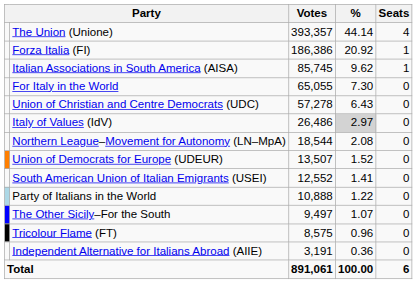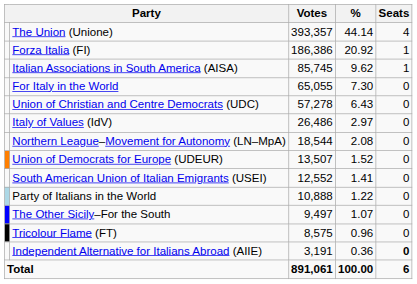 <table class=wikitable style="text-align:right">
 <tr>
 <th colspan=2>Party</th>
 <th>Votes</th>
 <th>%</th>
 <th>Seats</th>
 </tr>
 <tr>
 <td></td>
 <td align="left"><a href='#'>The Union</a> (Unione)</td>
 <td align="right">393,357</td>
 <td align="right">44.14</td>
 <td align="right">4</td>
 </tr>
 <tr>
 <td></td>
 <td align="left"><a href='#'>Forza Italia</a> (FI)</td>
 <td align="right">186,386</td>
 <td align="right">20.92</td>
 <td align="right">1</td>
 </tr>
 <tr>
 <td></td>
 <td align="left"><a href='#'>Italian Associations in South America</a> (AISA)</td>
 <td align="right">85,745</td>
 <td align="right">9.62</td>
 <td align="right">1</td>
 </tr>
 <tr>
 <td></td>
 <td align="left"><a href='#'>For Italy in the World</a></td>
 <td align="right">65,055</td>
 <td align="right">7.30</td>
 <td align="right">0</td>
 </tr>
 <tr>
 <td></td>
 <td align="left"><a href='#'>Union of Christian and Centre Democrats</a> (UDC)</td>
 <td align="right">57,278</td>
 <td align="right">6.43</td>
 <td align="right">0</td>
 </tr>
 <tr>
 <td></td>
 <td align="left"><a href='#'>Italy of Values</a> (IdV)</td>
 <td align="right">26,486</td>
-<td align="right" style="background: lightgrey;">2.97</td>
+<td align="right">2.97</td>
 <td align="right">0</td>
 </tr>
 <tr>
 <td></td>
 <td align="left"><a href='#'>Northern League</a>–<a href='#'>Movement for Autonomy</a> (LN–MpA)</td>
 <td align="right">18,544</td>
 <td align="right">2.08</td>
 <td align="right">0</td>
 </tr>
 <tr>
 <td bgcolor="#FF7F00"></td>
 <td align="left"><a href='#'>Union of Democrats for Europe</a> (UDEUR)</td>
 <td align="right">13,507</td>
 <td align="right">1.52</td>
 <td align="right">0</td>
 </tr>
 <tr>
 <td></td>
 <td align="left"><a href='#'>South American Union of Italian Emigrants</a> (USEI)</td>
 <td align="right">12,552</td>
 <td align="right">1.41</td>
 <td align="right">0</td>
 </tr>
 <tr>
 <td bgcolor="lightblue"></td>
 <td align="left">Party of Italians in the World</td>
 <td align="right">10,888</td>
 <td align="right">1.22</td>
 <td align="right">0</td>
 </tr>
 <tr>
 <td bgcolor="blue"></td>
 <td align="left"><a href='#'>The Other Sicily</a>–For the South</td>
 <td align="right">9,497</td>
 <td align="right">1.07</td>
 <td align="right">0</td>
 </tr>
 <tr>
 <td bgcolor="black"></td>
 <td align="left"><a href='#'>Tricolour Flame</a> (FT)</td>
 <td align="right">8,575</td>
 <td align="right">0.96</td>
 <td align="right">0</td>
 </tr>
 <tr>
 <td></td>
 <td align="left"><a href='#'>Independent Alternative for Italians Abroad</a> (AIIE)</td>
 <td align="right">3,191</td>
 <td align="right">0.36</td>
-<td align="right">0</td>
+<td align="right"><strong>0</strong></td>
 </tr>
 <tr>
 <td align="left" colspan=2><strong>Total</strong></td>
 <td align="right"><strong>891,061</strong></td>
 <td align="right"><strong>100.00</strong></td>
 <td align="right"><strong>6</strong></td>
 </tr>
 </table>
